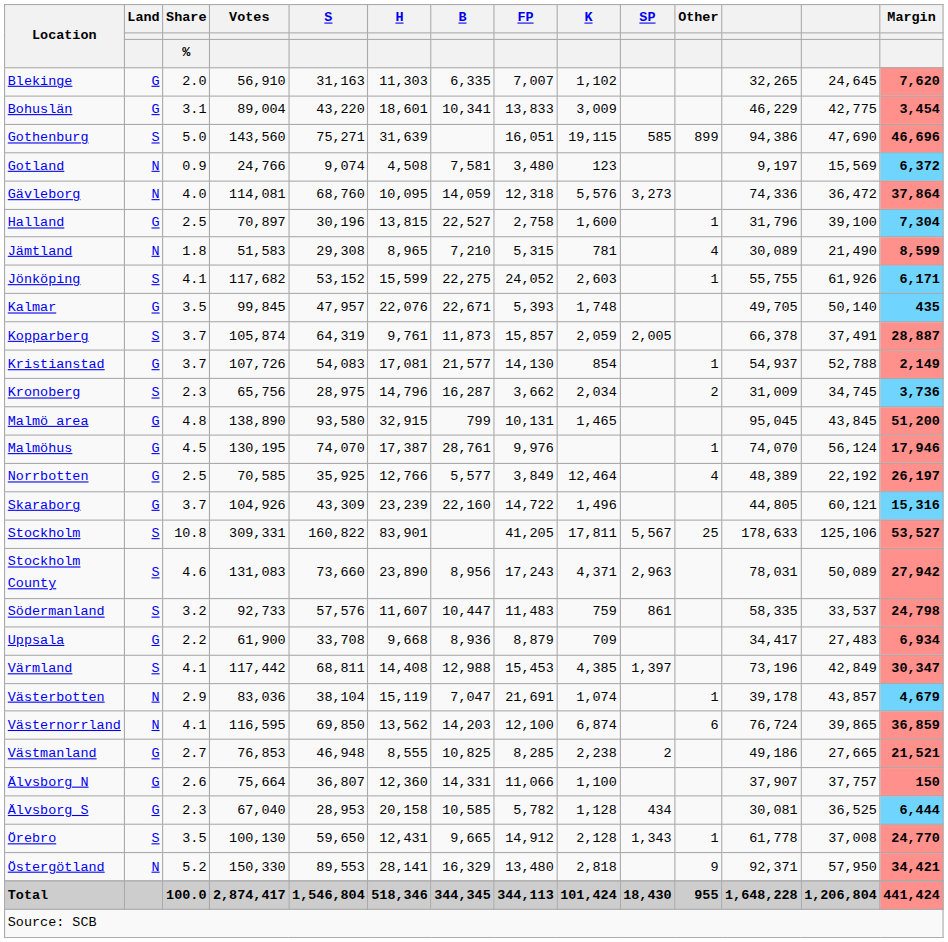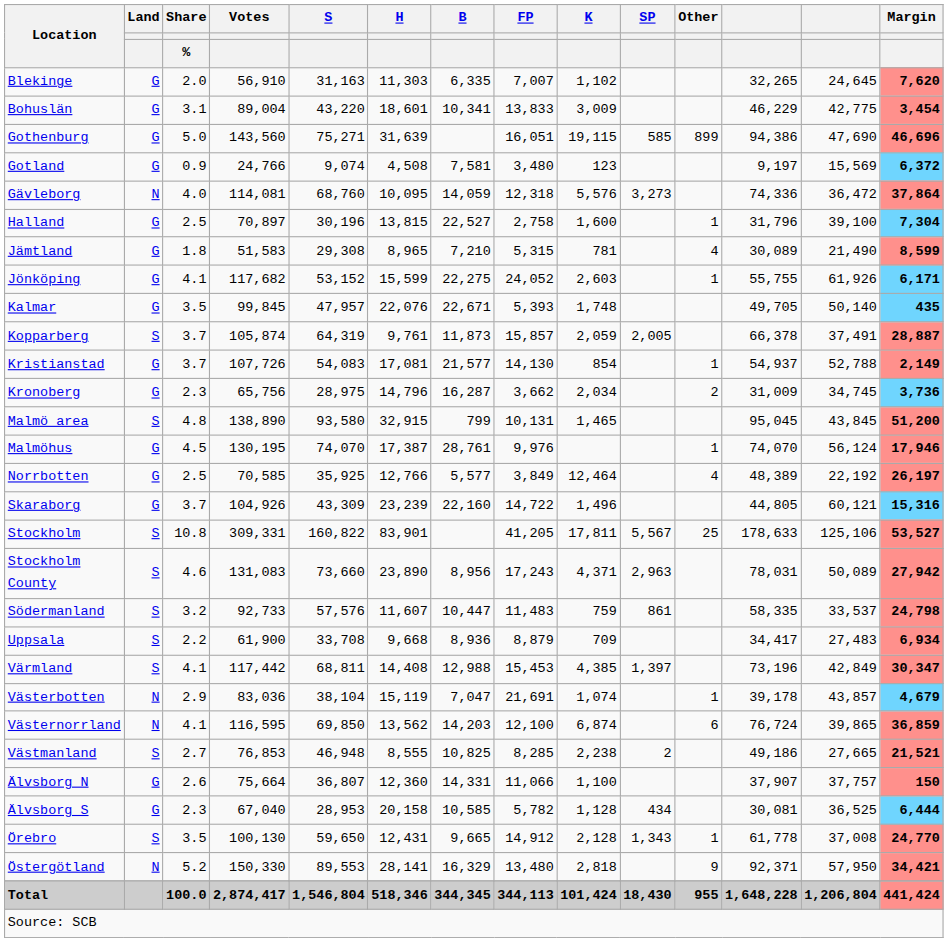 <table class="wikitable sortable" style="text-align:right; font-size:95%; line-height:20px;">
 <tr>
 <th rowspan="3">Location</th>
 <th>Land</th>
 <th>Share</th>
 <th>Votes</th>
 <th width="30px" class="unsortable"><a href='#'>S</a></th>
 <th width="30px" class="unsortable"><a href='#'>H</a></th>
 <th width="30px" class="unsortable"><a href='#'>B</a></th>
 <th width="30px" class="unsortable"><a href='#'>FP</a></th>
 <th width="30px" class="unsortable"><a href='#'>K</a></th>
 <th width="30px" class="unsortable"><a href='#'>SP</a></th>
 <th width="30px" class="unsortable">Other</th>
 <th></th>
 <th></th>
 <th>Margin</th>
 </tr>
 <tr>
 <th></th>
 <th></th>
 <th></th>
 <th style="background:"></th>
 <th style="background:"></th>
 <th style="background:"></th>
 <th style="background:"></th>
 <th style="background:"></th>
 <th style="background:"></th>
 <th style="background:"></th>
 <th style="background:"></th>
 <th style="background:"></th>
 <th></th>
 </tr>
 <tr>
 <th></th>
 <th data-sort-type="number">%</th>
 <th></th>
 <th data-sort-type="number"></th>
 <th data-sort-type="number"></th>
 <th data-sort-type="number"></th>
 <th data-sort-type="number"></th>
 <th data-sort-type="number"></th>
 <th data-sort-type="number"></th>
 <th data-sort-type="number"></th>
 <th data-sort-type="number"></th>
 <th data-sort-type="number"></th>
 <th></th>
 </tr>
 <tr>
 <td align=left><a href='#'>Blekinge</a></td>
 <td><a href='#'>G</a></td>
 <td>2.0</td>
 <td>56,910</td>
 <td>31,163</td>
 <td>11,303</td>
 <td>6,335</td>
 <td>7,007</td>
 <td>1,102</td>
 <td></td>
 <td></td>
 <td>32,265</td>
 <td>24,645</td>
 <td bgcolor=#ff908c><strong>7,620</strong></td>
 </tr>
 <tr>
 <td align=left><a href='#'>Bohuslän</a></td>
 <td><a href='#'>G</a></td>
 <td>3.1</td>
 <td>89,004</td>
 <td>43,220</td>
 <td>18,601</td>
 <td>10,341</td>
 <td>13,833</td>
 <td>3,009</td>
 <td></td>
 <td></td>
 <td>46,229</td>
 <td>42,775</td>
 <td bgcolor=#ff908c><strong>3,454</strong></td>
 </tr>
 <tr>
 <td align=left><a href='#'>Gothenburg</a></td>
-<td><a href='#'>S</a></td>
+<td><a href='#'>G</a></td>
 <td>5.0</td>
 <td>143,560</td>
 <td>75,271</td>
 <td>31,639</td>
 <td></td>
 <td>16,051</td>
 <td>19,115</td>
 <td>585</td>
 <td>899</td>
 <td>94,386</td>
 <td>47,690</td>
 <td bgcolor=#ff908c><strong>46,696</strong></td>
 </tr>
 <tr>
 <td align=left><a href='#'>Gotland</a></td>
-<td><a href='#'>N</a></td>
+<td><a href='#'>G</a></td>
 <td>0.9</td>
 <td>24,766</td>
 <td>9,074</td>
 <td>4,508</td>
 <td>7,581</td>
 <td>3,480</td>
 <td>123</td>
 <td></td>
 <td></td>
 <td>9,197</td>
 <td>15,569</td>
 <td bgcolor=#6fd5fe><strong>6,372</strong></td>
 </tr>
 <tr>
 <td align=left><a href='#'>Gävleborg</a></td>
 <td><a href='#'>N</a></td>
 <td>4.0</td>
 <td>114,081</td>
 <td>68,760</td>
 <td>10,095</td>
 <td>14,059</td>
 <td>12,318</td>
 <td>5,576</td>
 <td>3,273</td>
 <td></td>
 <td>74,336</td>
 <td>36,472</td>
 <td bgcolor=#ff908c><strong>37,864</strong></td>
 </tr>
 <tr>
 <td align=left><a href='#'>Halland</a></td>
 <td><a href='#'>G</a></td>
 <td>2.5</td>
 <td>70,897</td>
 <td>30,196</td>
 <td>13,815</td>
 <td>22,527</td>
 <td>2,758</td>
 <td>1,600</td>
 <td></td>
 <td>1</td>
 <td>31,796</td>
 <td>39,100</td>
 <td bgcolor=#6fd5fe><strong>7,304</strong></td>
 </tr>
 <tr>
 <td align=left><a href='#'>Jämtland</a></td>
-<td><a href='#'>N</a></td>
+<td><a href='#'>G</a></td>
 <td>1.8</td>
 <td>51,583</td>
 <td>29,308</td>
 <td>8,965</td>
 <td>7,210</td>
 <td>5,315</td>
 <td>781</td>
 <td></td>
 <td>4</td>
 <td>30,089</td>
 <td>21,490</td>
 <td bgcolor=#ff908c><strong>8,599</strong></td>
 </tr>
 <tr>
 <td align=left><a href='#'>Jönköping</a></td>
-<td><a href='#'>S</a></td>
+<td><a href='#'>G</a></td>
 <td>4.1</td>
 <td>117,682</td>
 <td>53,152</td>
 <td>15,599</td>
 <td>22,275</td>
 <td>24,052</td>
 <td>2,603</td>
 <td></td>
 <td>1</td>
 <td>55,755</td>
 <td>61,926</td>
 <td bgcolor=#6fd5fe><strong>6,171</strong></td>
 </tr>
 <tr>
 <td align=left><a href='#'>Kalmar</a></td>
 <td><a href='#'>G</a></td>
 <td>3.5</td>
 <td>99,845</td>
 <td>47,957</td>
 <td>22,076</td>
 <td>22,671</td>
 <td>5,393</td>
 <td>1,748</td>
 <td></td>
 <td></td>
 <td>49,705</td>
 <td>50,140</td>
 <td bgcolor=#6fd5fe><strong>435</strong></td>
 </tr>
 <tr>
 <td align=left><a href='#'>Kopparberg</a></td>
 <td><a href='#'>S</a></td>
 <td>3.7</td>
 <td>105,874</td>
 <td>64,319</td>
 <td>9,761</td>
 <td>11,873</td>
 <td>15,857</td>
 <td>2,059</td>
 <td>2,005</td>
 <td></td>
 <td>66,378</td>
 <td>37,491</td>
 <td bgcolor=#ff908c><strong>28,887</strong></td>
 </tr>
 <tr>
 <td align=left><a href='#'>Kristianstad</a></td>
 <td><a href='#'>G</a></td>
 <td>3.7</td>
 <td>107,726</td>
 <td>54,083</td>
 <td>17,081</td>
 <td>21,577</td>
 <td>14,130</td>
 <td>854</td>
 <td></td>
 <td>1</td>
 <td>54,937</td>
 <td>52,788</td>
 <td bgcolor=#ff908c><strong>2,149</strong></td>
 </tr>
 <tr>
 <td align=left><a href='#'>Kronoberg</a></td>
-<td><a href='#'>S</a></td>
+<td><a href='#'>G</a></td>
 <td>2.3</td>
 <td>65,756</td>
 <td>28,975</td>
 <td>14,796</td>
 <td>16,287</td>
 <td>3,662</td>
 <td>2,034</td>
 <td></td>
 <td>2</td>
 <td>31,009</td>
 <td>34,745</td>
 <td bgcolor=#6fd5fe><strong>3,736</strong></td>
 </tr>
 <tr>
 <td align=left><a href='#'>Malmö area</a></td>
-<td><a href='#'>G</a></td>
+<td><a href='#'>S</a></td>
 <td>4.8</td>
 <td>138,890</td>
 <td>93,580</td>
 <td>32,915</td>
 <td>799</td>
 <td>10,131</td>
 <td>1,465</td>
 <td></td>
 <td></td>
 <td>95,045</td>
 <td>43,845</td>
 <td bgcolor=#ff908c><strong>51,200</strong></td>
 </tr>
 <tr>
 <td align=left><a href='#'>Malmöhus</a></td>
 <td><a href='#'>G</a></td>
 <td>4.5</td>
 <td>130,195</td>
 <td>74,070</td>
 <td>17,387</td>
 <td>28,761</td>
 <td>9,976</td>
 <td></td>
 <td></td>
 <td>1</td>
 <td>74,070</td>
 <td>56,124</td>
 <td bgcolor=#ff908c><strong>17,946</strong></td>
 </tr>
 <tr>
 <td align=left><a href='#'>Norrbotten</a></td>
 <td><a href='#'>G</a></td>
 <td>2.5</td>
 <td>70,585</td>
 <td>35,925</td>
 <td>12,766</td>
 <td>5,577</td>
 <td>3,849</td>
 <td>12,464</td>
 <td></td>
 <td>4</td>
 <td>48,389</td>
 <td>22,192</td>
 <td bgcolor=#ff908c><strong>26,197</strong></td>
 </tr>
 <tr>
 <td align=left><a href='#'>Skaraborg</a></td>
 <td><a href='#'>G</a></td>
 <td>3.7</td>
 <td>104,926</td>
 <td>43,309</td>
 <td>23,239</td>
 <td>22,160</td>
 <td>14,722</td>
 <td>1,496</td>
 <td></td>
 <td></td>
 <td>44,805</td>
 <td>60,121</td>
 <td bgcolor=#6fd5fe><strong>15,316</strong></td>
 </tr>
 <tr>
 <td align=left><a href='#'>Stockholm</a></td>
 <td><a href='#'>S</a></td>
 <td>10.8</td>
 <td>309,331</td>
 <td>160,822</td>
 <td>83,901</td>
 <td></td>
 <td>41,205</td>
 <td>17,811</td>
 <td>5,567</td>
 <td>25</td>
 <td>178,633</td>
 <td>125,106</td>
 <td bgcolor=#ff908c><strong>53,527</strong></td>
 </tr>
 <tr>
 <td align=left><a href='#'>Stockholm County</a></td>
 <td><a href='#'>S</a></td>
 <td>4.6</td>
 <td>131,083</td>
 <td>73,660</td>
 <td>23,890</td>
 <td>8,956</td>
 <td>17,243</td>
 <td>4,371</td>
 <td>2,963</td>
 <td></td>
 <td>78,031</td>
 <td>50,089</td>
 <td bgcolor=#ff908c><strong>27,942</strong></td>
 </tr>
 <tr>
 <td align=left><a href='#'>Södermanland</a></td>
 <td><a href='#'>S</a></td>
 <td>3.2</td>
 <td>92,733</td>
 <td>57,576</td>
 <td>11,607</td>
 <td>10,447</td>
 <td>11,483</td>
 <td>759</td>
 <td>861</td>
 <td></td>
 <td>58,335</td>
 <td>33,537</td>
 <td bgcolor=#ff908c><strong>24,798</strong></td>
 </tr>
 <tr>
 <td align=left><a href='#'>Uppsala</a></td>
-<td><a href='#'>G</a></td>
+<td><a href='#'>S</a></td>
 <td>2.2</td>
 <td>61,900</td>
 <td>33,708</td>
 <td>9,668</td>
 <td>8,936</td>
 <td>8,879</td>
 <td>709</td>
 <td></td>
 <td></td>
 <td>34,417</td>
 <td>27,483</td>
 <td bgcolor=#ff908c><strong>6,934</strong></td>
 </tr>
 <tr>
 <td align=left><a href='#'>Värmland</a></td>
 <td><a href='#'>S</a></td>
 <td>4.1</td>
 <td>117,442</td>
 <td>68,811</td>
 <td>14,408</td>
 <td>12,988</td>
 <td>15,453</td>
 <td>4,385</td>
 <td>1,397</td>
 <td></td>
 <td>73,196</td>
 <td>42,849</td>
 <td bgcolor=#ff908c><strong>30,347</strong></td>
 </tr>
 <tr>
 <td align=left><a href='#'>Västerbotten</a></td>
 <td><a href='#'>N</a></td>
 <td>2.9</td>
 <td>83,036</td>
 <td>38,104</td>
 <td>15,119</td>
 <td>7,047</td>
 <td>21,691</td>
 <td>1,074</td>
 <td></td>
 <td>1</td>
 <td>39,178</td>
 <td>43,857</td>
 <td bgcolor=#6fd5fe><strong>4,679</strong></td>
 </tr>
 <tr>
 <td align=left><a href='#'>Västernorrland</a></td>
 <td><a href='#'>N</a></td>
 <td>4.1</td>
 <td>116,595</td>
 <td>69,850</td>
 <td>13,562</td>
 <td>14,203</td>
 <td>12,100</td>
 <td>6,874</td>
 <td></td>
 <td>6</td>
 <td>76,724</td>
 <td>39,865</td>
 <td bgcolor=#ff908c><strong>36,859</strong></td>
 </tr>
 <tr>
 <td align=left><a href='#'>Västmanland</a></td>
-<td><a href='#'>G</a></td>
+<td><a href='#'>S</a></td>
 <td>2.7</td>
 <td>76,853</td>
 <td>46,948</td>
 <td>8,555</td>
 <td>10,825</td>
 <td>8,285</td>
 <td>2,238</td>
 <td>2</td>
 <td></td>
 <td>49,186</td>
 <td>27,665</td>
 <td bgcolor=#ff908c><strong>21,521</strong></td>
 </tr>
 <tr>
 <td align=left><a href='#'>Älvsborg N</a></td>
 <td><a href='#'>G</a></td>
 <td>2.6</td>
 <td>75,664</td>
 <td>36,807</td>
 <td>12,360</td>
 <td>14,331</td>
 <td>11,066</td>
 <td>1,100</td>
 <td></td>
 <td></td>
 <td>37,907</td>
 <td>37,757</td>
 <td bgcolor=#ff908c><strong>150</strong></td>
 </tr>
 <tr>
 <td align=left><a href='#'>Älvsborg S</a></td>
 <td><a href='#'>G</a></td>
 <td>2.3</td>
 <td>67,040</td>
 <td>28,953</td>
 <td>20,158</td>
 <td>10,585</td>
 <td>5,782</td>
 <td>1,128</td>
 <td>434</td>
 <td></td>
 <td>30,081</td>
 <td>36,525</td>
 <td bgcolor=#6fd5fe><strong>6,444</strong></td>
 </tr>
 <tr>
 <td align=left><a href='#'>Örebro</a></td>
 <td><a href='#'>S</a></td>
 <td>3.5</td>
 <td>100,130</td>
 <td>59,650</td>
 <td>12,431</td>
 <td>9,665</td>
 <td>14,912</td>
 <td>2,128</td>
 <td>1,343</td>
 <td>1</td>
 <td>61,778</td>
 <td>37,008</td>
 <td bgcolor=#ff908c><strong>24,770</strong></td>
 </tr>
 <tr>
 <td align=left><a href='#'>Östergötland</a></td>
 <td><a href='#'>N</a></td>
 <td>5.2</td>
 <td>150,330</td>
 <td>89,553</td>
 <td>28,141</td>
 <td>16,329</td>
 <td>13,480</td>
 <td>2,818</td>
 <td></td>
 <td>9</td>
 <td>92,371</td>
 <td>57,950</td>
 <td bgcolor=#ff908c><strong>34,421</strong></td>
 </tr>
 <tr>
 </tr>
 <tr style="background:#CDCDCD;">
 <td align=left><strong>Total</strong></td>
 <td></td>
 <td><strong>100.0</strong></td>
 <td><strong>2,874,417</strong></td>
 <td><strong>1,546,804</strong></td>
 <td><strong>518,346</strong></td>
 <td><strong>344,345</strong></td>
 <td><strong>344,113</strong></td>
 <td><strong>101,424</strong></td>
 <td><strong>18,430</strong></td>
 <td><strong>955</strong></td>
 <td><strong>1,648,228</strong></td>
 <td><strong>1,206,804</strong></td>
 <td bgcolor=#ff908c><strong>441,424</strong></td>
 </tr>
 <tr>
 <td align=left colspan=14>Source: SCB </td>
 </tr>
 </table>
